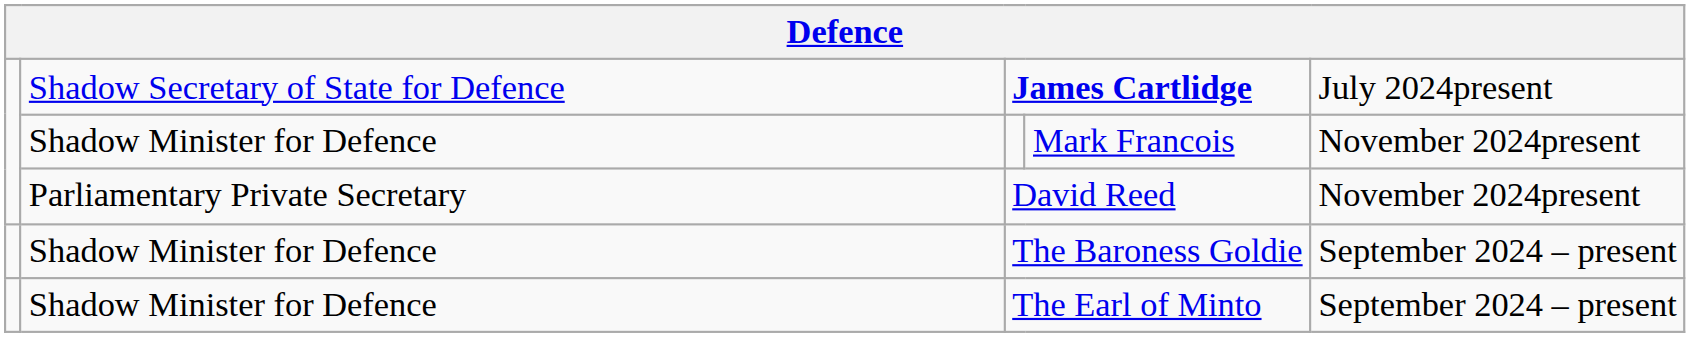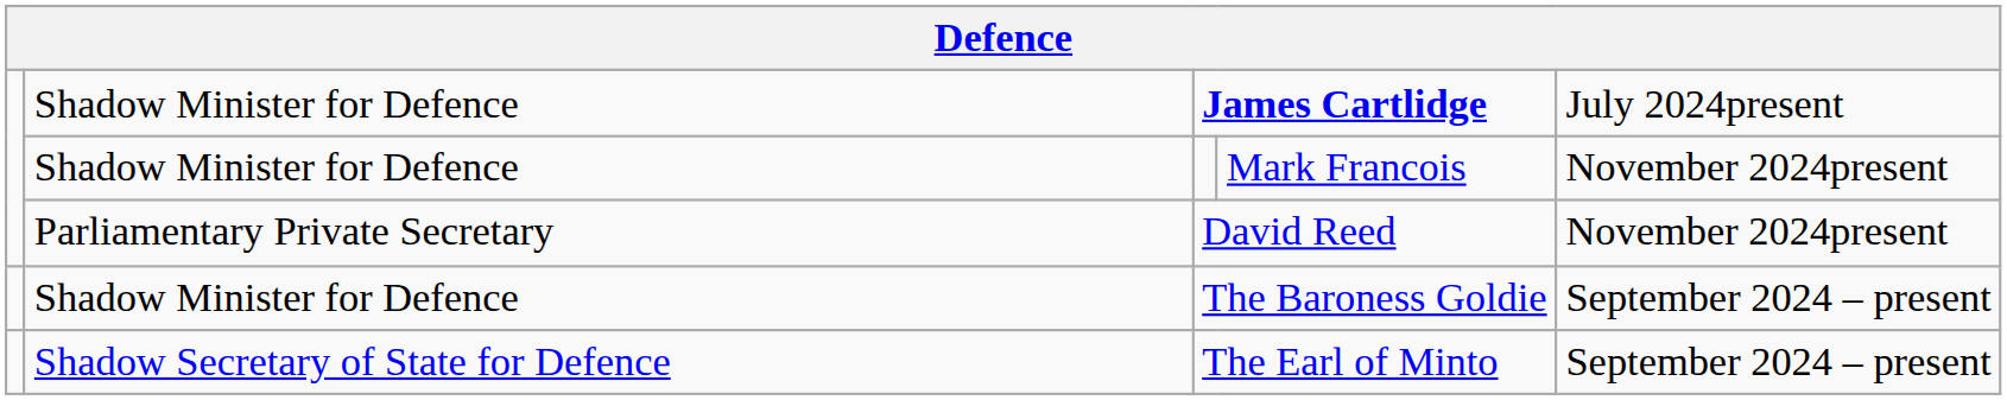 <table class="wikitable">
 <tr>
 <th colspan="5"><a href='#'>Defence</a></th>
 </tr>
 <tr>
 <td rowspan="3" style="background: "></td>
-<td style="width: 450px;"><a href='#'>Shadow Secretary of State for Defence</a></td>
+<td>Shadow Minister for Defence</td>
 <td colspan="2"><strong><a href='#'>James Cartlidge</a></strong></td>
 <td>July 2024present</td>
 </tr>
 <tr>
 <td>Shadow Minister for Defence</td>
 <td style="background: "></td>
 <td><a href='#'>Mark Francois</a></td>
 <td>November 2024present</td>
 </tr>
 <tr>
 <td>Parliamentary Private Secretary</td>
 <td colspan="2"><a href='#'>David Reed</a></td>
 <td>November 2024present</td>
 </tr>
 <tr>
 <td style="background: "></td>
 <td>Shadow Minister for Defence</td>
 <td colspan="2"><a href='#'>The Baroness Goldie</a></td>
 <td>September 2024 – present</td>
 </tr>
 <tr>
 <td style="background: "></td>
-<td>Shadow Minister for Defence</td>
+<td style="width: 450px;"><a href='#'>Shadow Secretary of State for Defence</a></td>
 <td colspan="2"><a href='#'>The Earl of Minto</a></td>
 <td>September 2024 – present</td>
 </tr>
 </table>
